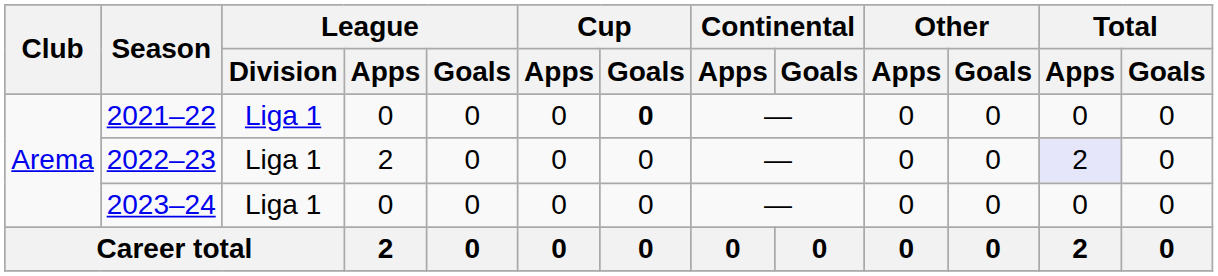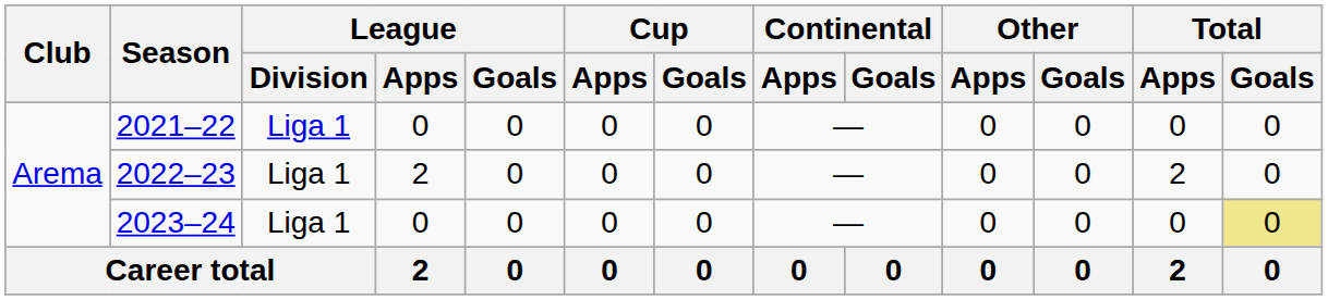 <table class="wikitable" style="text-align:center">
 <tr>
 <th rowspan="2">Club</th>
 <th rowspan="2">Season</th>
 <th colspan="3">League</th>
 <th colspan="2">Cup</th>
 <th colspan="2">Continental</th>
 <th colspan="2">Other</th>
 <th colspan="2">Total</th>
 </tr>
 <tr>
 <th>Division</th>
 <th>Apps</th>
 <th>Goals</th>
 <th>Apps</th>
 <th>Goals</th>
 <th>Apps</th>
 <th>Goals</th>
 <th>Apps</th>
 <th>Goals</th>
 <th>Apps</th>
 <th>Goals</th>
 </tr>
 <tr>
 <td rowspan="3"><a href='#'>Arema</a></td>
 <td><a href='#'>2021–22</a></td>
 <td><a href='#'>Liga 1</a></td>
 <td>0</td>
 <td>0</td>
 <td>0</td>
-<td><strong>0</strong></td>
+<td>0</td>
 <td colspan="2">—</td>
 <td>0</td>
 <td>0</td>
 <td>0</td>
 <td>0</td>
 </tr>
 <tr>
 <td><a href='#'>2022–23</a></td>
 <td>Liga 1</td>
 <td>2</td>
 <td>0</td>
 <td>0</td>
 <td>0</td>
 <td colspan="2">—</td>
 <td>0</td>
 <td>0</td>
-<td style="background: lavender;">2</td>
+<td>2</td>
 <td>0</td>
 </tr>
 <tr>
 <td><a href='#'>2023–24</a></td>
 <td>Liga 1</td>
 <td>0</td>
 <td>0</td>
 <td>0</td>
 <td>0</td>
 <td colspan="2">—</td>
 <td>0</td>
 <td>0</td>
 <td>0</td>
-<td>0</td>
+<td style="background: khaki;">0</td>
 </tr>
 <tr>
 <th colspan="3">Career total</th>
 <th>2</th>
 <th>0</th>
 <th>0</th>
 <th>0</th>
 <th>0</th>
 <th>0</th>
 <th>0</th>
 <th>0</th>
 <th>2</th>
 <th>0</th>
 </tr>
 </table>
